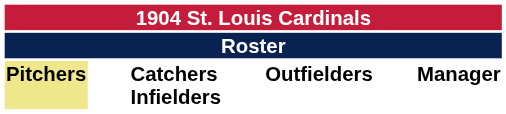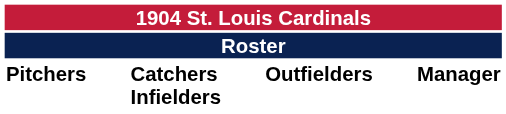 <table class="toccolours" style="font-size: 95%;">
 <tr>
 <th colspan="10" style="background-color: #c41c3a; color: white; text-align: center;">1904 St. Louis Cardinals</th>
 </tr>
 <tr>
 <td colspan="10" style="background-color: #0a2252; color: white; text-align: center;"><strong>Roster</strong></td>
 </tr>
 <tr>
-<td valign="top" style="background: khaki;"><strong>Pitchers</strong><br>      </td>
+<td valign="top"><strong>Pitchers</strong><br>      </td>
 <td width="25px"></td>
 <td valign="top"><strong>Catchers</strong><br>      <strong>Infielders</strong>       </td>
 <td width="25px"></td>
 <td valign="top"><strong>Outfielders</strong><br>    </td>
 <td width="25px"></td>
 <td valign="top"><strong>Manager</strong><br></td>
 </tr>
 </table>
